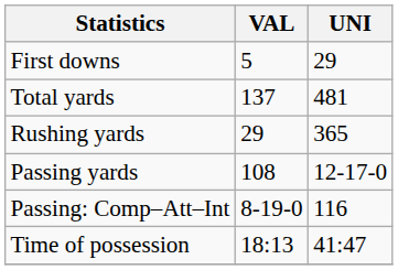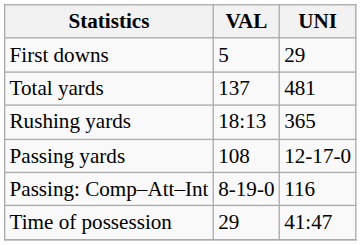 <table class="wikitable" style="float: left;">
 <tr>
 <th>Statistics</th>
 <th>VAL</th>
 <th>UNI</th>
 </tr>
 <tr>
 <td>First downs</td>
 <td>5</td>
 <td>29</td>
 </tr>
 <tr>
 <td>Total yards</td>
 <td>137</td>
 <td>481</td>
 </tr>
 <tr>
 <td>Rushing yards</td>
-<td>29</td>
+<td>18:13</td>
 <td>365</td>
 </tr>
 <tr>
 <td>Passing yards</td>
 <td>108</td>
 <td>12-17-0</td>
 </tr>
 <tr>
 <td>Passing: Comp–Att–Int</td>
 <td>8-19-0</td>
 <td>116</td>
 </tr>
 <tr>
 <td>Time of possession</td>
-<td>18:13</td>
+<td>29</td>
 <td>41:47</td>
 </tr>
 <tr>
 </tr>
 </table>
